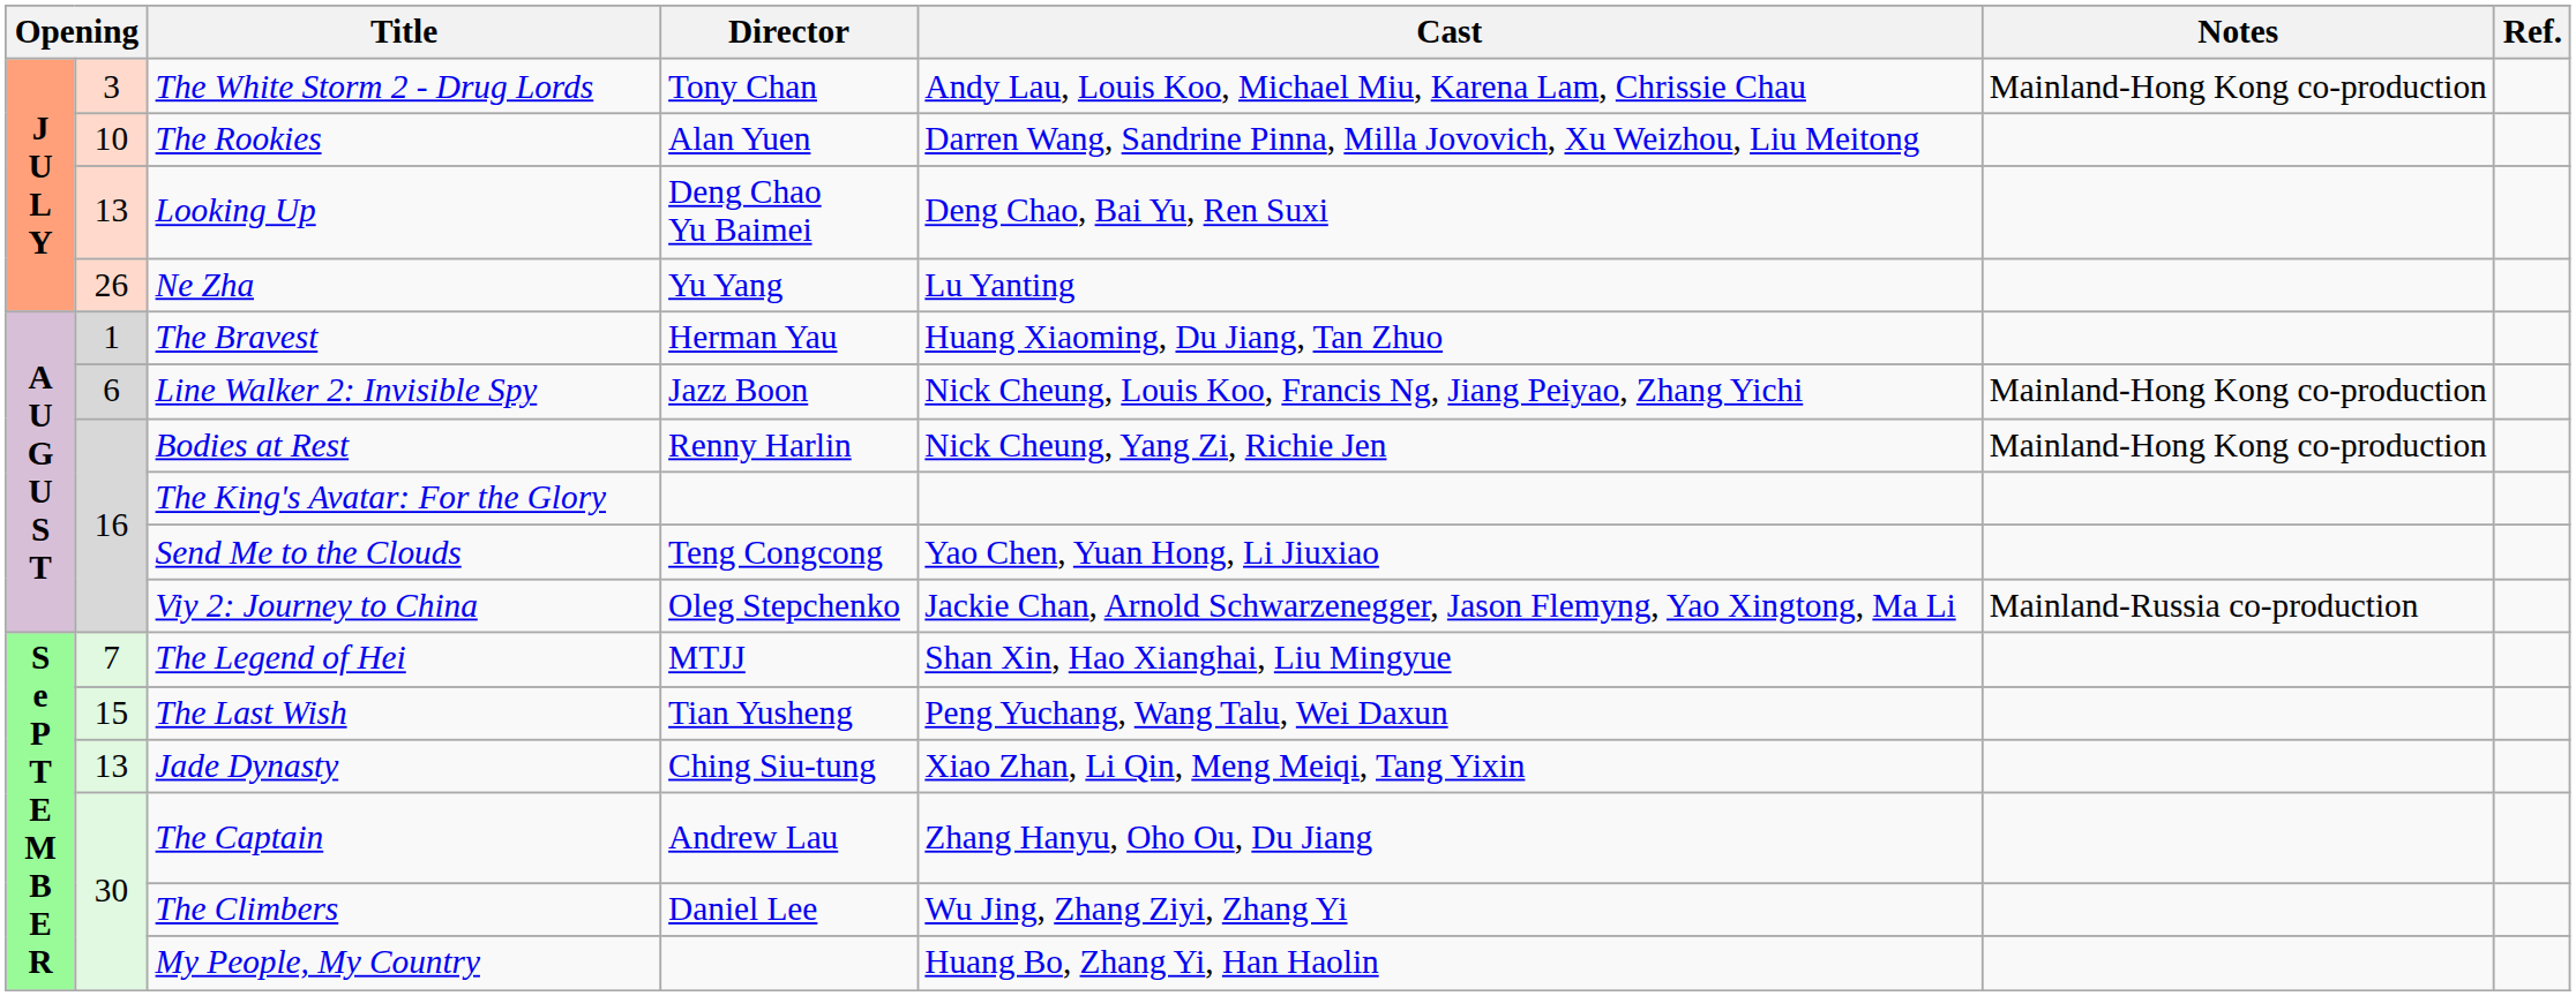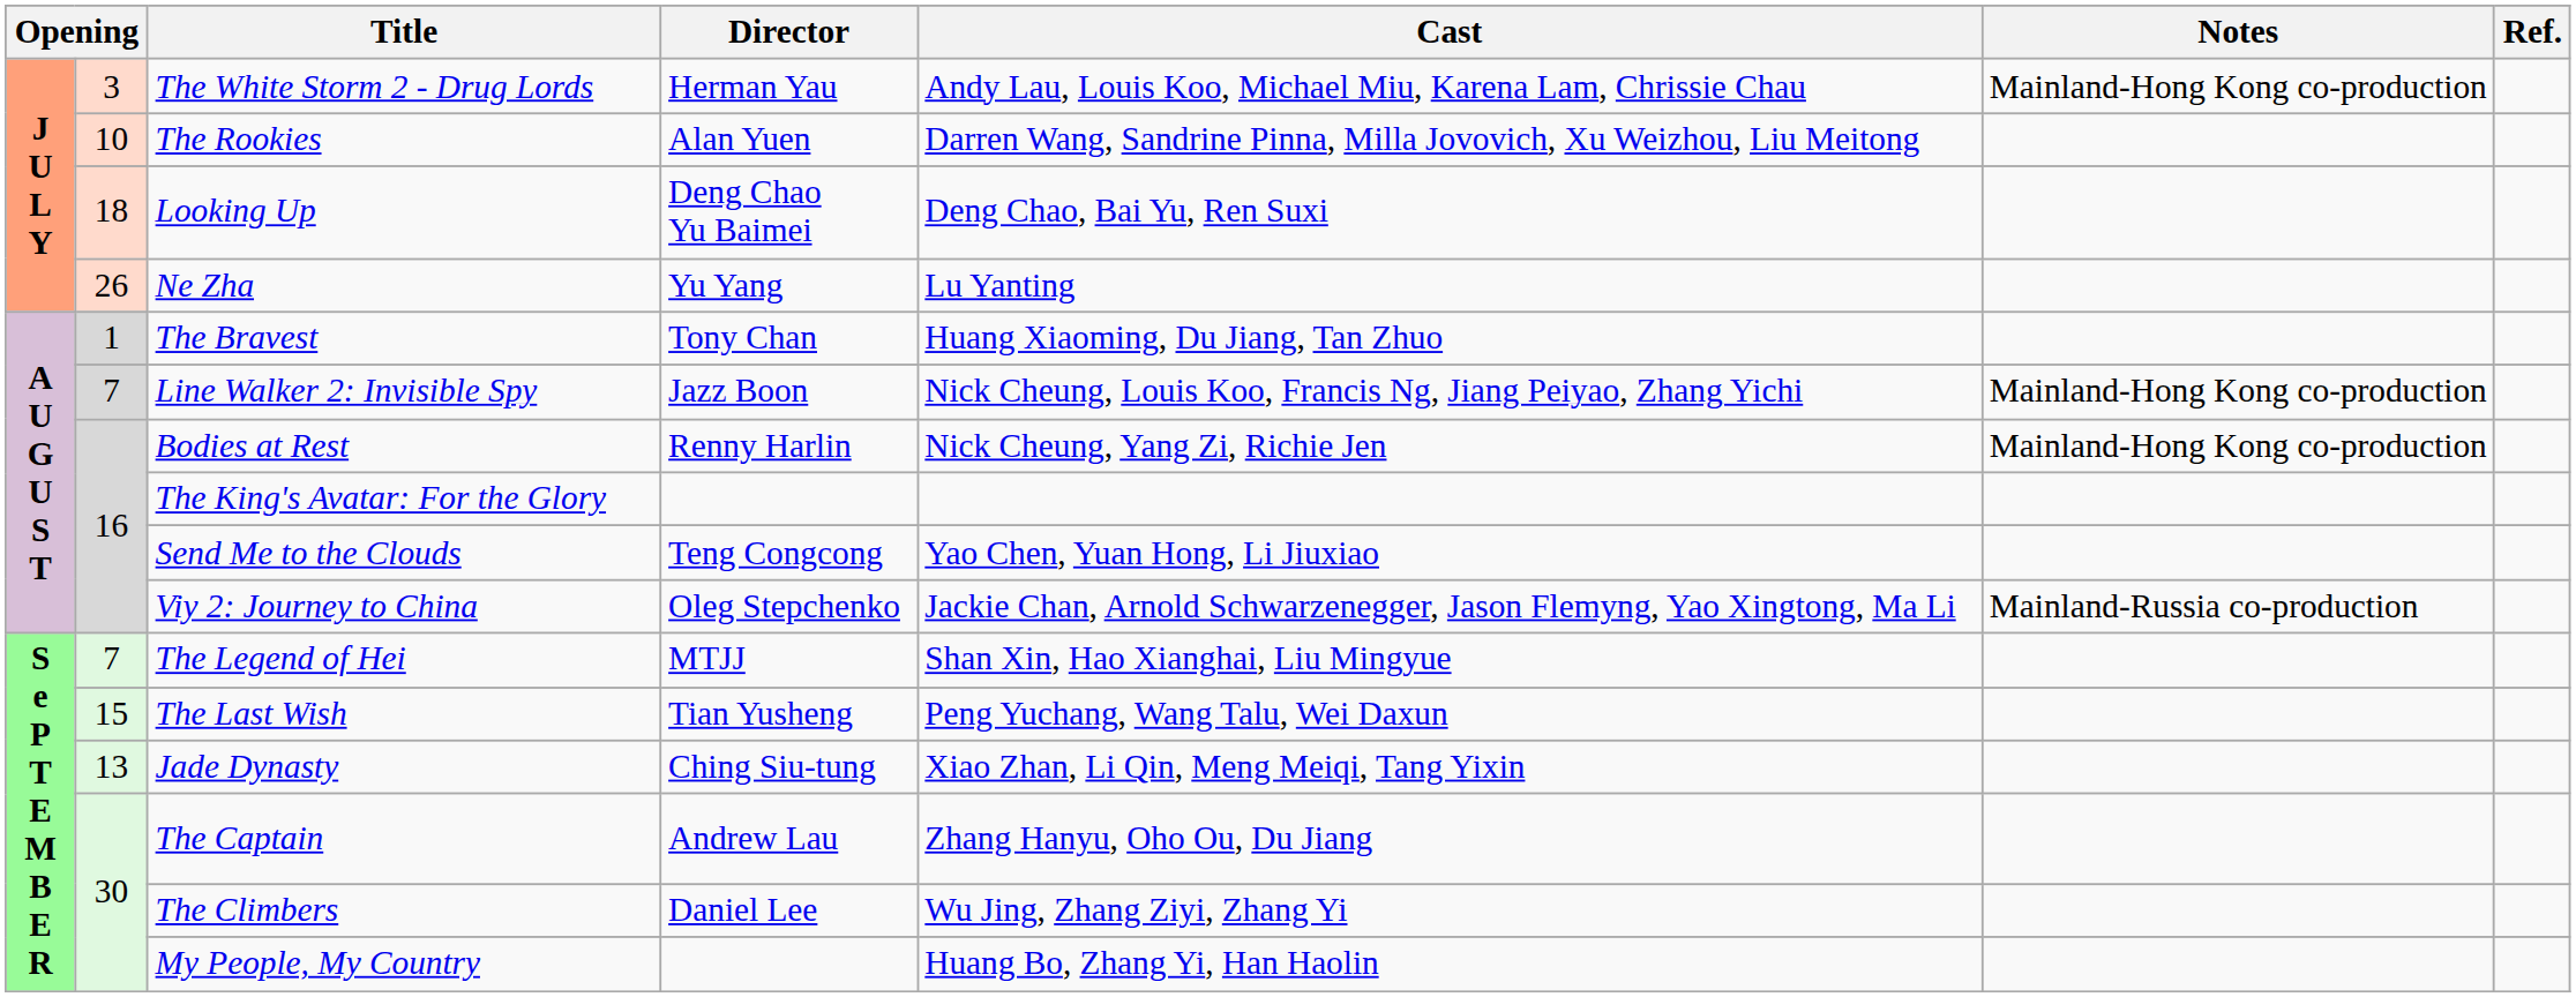 <table class="wikitable">
 <tr>
 <th colspan="2">Opening</th>
 <th style="width:20%;">Title</th>
 <th style="width:10%;">Director</th>
 <th>Cast</th>
 <th style="width:20%">Notes</th>
 <th>Ref.</th>
 </tr>
 <tr>
 <td rowspan=4 style="text-align:center; background:#ffa07a; textcolor:#000;"><strong>J<br>U<br>L<br>Y</strong></td>
 <td rowspan=1 style="text-align:center; background:#ffdacc; textcolor:#000;">3</td>
 <td><em><a href='#'>The White Storm 2 - Drug Lords</a></em></td>
-<td><a href='#'>Tony Chan</a></td>
+<td><a href='#'>Herman Yau</a></td>
 <td><a href='#'>Andy Lau</a>, <a href='#'>Louis Koo</a>, <a href='#'>Michael Miu</a>, <a href='#'>Karena Lam</a>, <a href='#'>Chrissie Chau</a></td>
 <td>Mainland-Hong Kong co-production</td>
 <td style="text-align:center;"></td>
 </tr>
 <tr>
 <td rowspan=1 style="text-align:center; background:#ffdacc; textcolor:#000;">10</td>
 <td><em><a href='#'>The Rookies</a></em></td>
 <td><a href='#'>Alan Yuen</a></td>
 <td><a href='#'>Darren Wang</a>, <a href='#'>Sandrine Pinna</a>, <a href='#'>Milla Jovovich</a>, <a href='#'>Xu Weizhou</a>, <a href='#'>Liu Meitong</a></td>
 <td></td>
 <td style="text-align:center;"></td>
 </tr>
 <tr>
-<td rowspan=1 style="text-align:center; background:#ffdacc; textcolor:#000;">13</td>
+<td rowspan=1 style="text-align:center; background:#ffdacc; textcolor:#000;">18</td>
 <td><em><a href='#'>Looking Up</a></em></td>
 <td><a href='#'>Deng Chao</a> <br> <a href='#'>Yu Baimei</a></td>
 <td><a href='#'>Deng Chao</a>, <a href='#'>Bai Yu</a>, <a href='#'>Ren Suxi</a></td>
 <td></td>
 <td style="text-align:center;"></td>
 </tr>
 <tr>
 <td rowspan=1 style="text-align:center; background:#ffdacc; textcolor:#000;">26</td>
 <td><em><a href='#'>Ne Zha</a></em></td>
 <td><a href='#'>Yu Yang</a></td>
 <td><a href='#'>Lu Yanting</a></td>
 <td></td>
 <td style="text-align:center;"></td>
 </tr>
 <tr>
 <td rowspan=6 style="text-align:center; background:thistle; textcolor:#000;"><strong>A<br>U<br>G<br>U<br>S<br>T</strong></td>
 <td rowspan=1 style="text-align:center; background:#d8d8d8; textcolor:#000;">1</td>
 <td><em><a href='#'>The Bravest</a></em></td>
-<td><a href='#'>Herman Yau</a></td>
+<td><a href='#'>Tony Chan</a></td>
 <td><a href='#'>Huang Xiaoming</a>, <a href='#'>Du Jiang</a>, <a href='#'>Tan Zhuo</a></td>
 <td></td>
 <td style="text-align:center;"></td>
 </tr>
 <tr>
-<td rowspan=1 style="text-align:center; background:#d8d8d8; textcolor:#000;">6</td>
+<td rowspan=1 style="text-align:center; background:#d8d8d8; textcolor:#000;">7</td>
 <td><em><a href='#'>Line Walker 2: Invisible Spy</a></em></td>
 <td><a href='#'>Jazz Boon</a></td>
 <td><a href='#'>Nick Cheung</a>, <a href='#'>Louis Koo</a>, <a href='#'>Francis Ng</a>, <a href='#'>Jiang Peiyao</a>, <a href='#'>Zhang Yichi</a></td>
 <td>Mainland-Hong Kong co-production</td>
 <td style="text-align:center;"></td>
 </tr>
 <tr>
 <td rowspan=4 style="text-align:center; background:#d8d8d8; textcolor:#000;">16</td>
 <td><em><a href='#'>Bodies at Rest</a></em></td>
 <td><a href='#'>Renny Harlin</a></td>
 <td><a href='#'>Nick Cheung</a>, <a href='#'>Yang Zi</a>, <a href='#'>Richie Jen</a></td>
 <td>Mainland-Hong Kong co-production</td>
 <td style="text-align:center;"></td>
 </tr>
 <tr>
 <td><em><a href='#'>The King's Avatar: For the Glory</a></em></td>
 <td></td>
 <td></td>
 <td></td>
 <td style="text-align:center;"></td>
 </tr>
 <tr>
 <td><em><a href='#'>Send Me to the Clouds</a></em></td>
 <td><a href='#'>Teng Congcong</a></td>
 <td><a href='#'>Yao Chen</a>, <a href='#'>Yuan Hong</a>, <a href='#'>Li Jiuxiao</a></td>
 <td></td>
 <td style="text-align:center;"></td>
 </tr>
 <tr>
 <td><em><a href='#'>Viy 2: Journey to China</a></em></td>
 <td><a href='#'>Oleg Stepchenko</a></td>
 <td><a href='#'>Jackie Chan</a>, <a href='#'>Arnold Schwarzenegger</a>, <a href='#'>Jason Flemyng</a>, <a href='#'>Yao Xingtong</a>, <a href='#'>Ma Li</a></td>
 <td>Mainland-Russia co-production</td>
 <td style="text-align:center;"></td>
 </tr>
 <tr>
 <td rowspan=6 style="text-align:center; background:#98fb98; textcolor:#000;"><strong>S<br>e<br>P<br>T<br>E<br>M<br>B<br>E<br>R</strong></td>
 <td rowspan=1 style="text-align:center; background:#e0f9e0;">7</td>
 <td><em><a href='#'>The Legend of Hei</a></em></td>
 <td><a href='#'>MTJJ</a></td>
 <td><a href='#'>Shan Xin</a>, <a href='#'>Hao Xianghai</a>, <a href='#'>Liu Mingyue</a></td>
 <td></td>
 <td style="text-align:center;"></td>
 </tr>
 <tr>
 <td rowspan=1 style="text-align:center; background:#e0f9e0;">15</td>
 <td><em><a href='#'>The Last Wish</a></em></td>
 <td><a href='#'>Tian Yusheng</a></td>
 <td><a href='#'>Peng Yuchang</a>, <a href='#'>Wang Talu</a>, <a href='#'>Wei Daxun</a></td>
 <td></td>
 <td style="text-align:center;"></td>
 </tr>
 <tr>
 <td rowspan=1 style="text-align:center; background:#e0f9e0;">13</td>
 <td><em><a href='#'>Jade Dynasty</a></em></td>
 <td><a href='#'>Ching Siu-tung</a></td>
 <td><a href='#'>Xiao Zhan</a>, <a href='#'>Li Qin</a>, <a href='#'>Meng Meiqi</a>, <a href='#'>Tang Yixin</a></td>
 <td></td>
 <td style="text-align:center;"></td>
 </tr>
 <tr>
 <td rowspan=3 style="text-align:center; background:#e0f9e0;">30</td>
 <td><em><a href='#'>The Captain</a></em></td>
 <td><a href='#'>Andrew Lau</a></td>
 <td><a href='#'>Zhang Hanyu</a>, <a href='#'>Oho Ou</a>, <a href='#'>Du Jiang</a></td>
 <td></td>
 <td style="text-align:center;"></td>
 </tr>
 <tr>
 <td><em><a href='#'>The Climbers</a></em></td>
 <td><a href='#'>Daniel Lee</a></td>
 <td><a href='#'>Wu Jing</a>, <a href='#'>Zhang Ziyi</a>, <a href='#'>Zhang Yi</a></td>
 <td></td>
 <td style="text-align:center;"></td>
 </tr>
 <tr>
 <td><em><a href='#'>My People, My Country</a></em></td>
 <td></td>
 <td><a href='#'>Huang Bo</a>, <a href='#'>Zhang Yi</a>, <a href='#'>Han Haolin</a></td>
 <td></td>
 <td style="text-align:center;"></td>
 </tr>
 <tr>
 </tr>
 </table>
